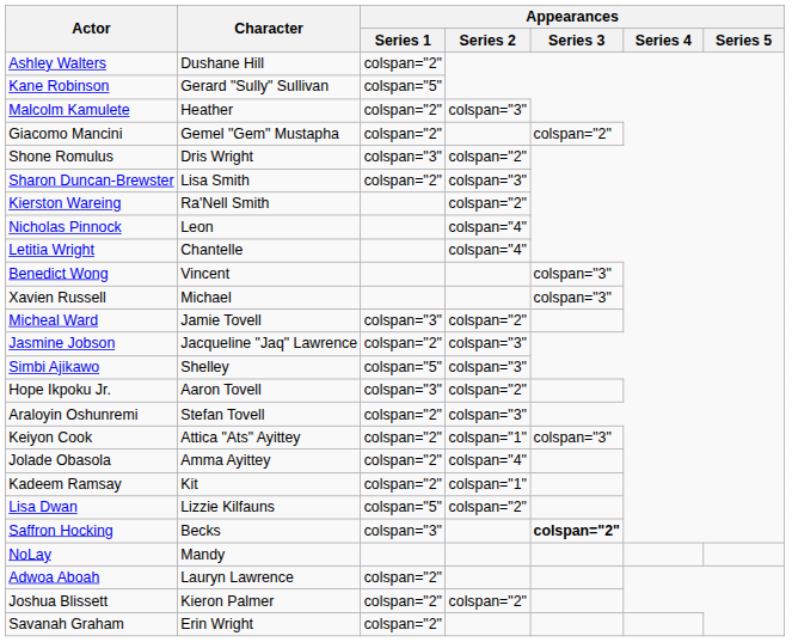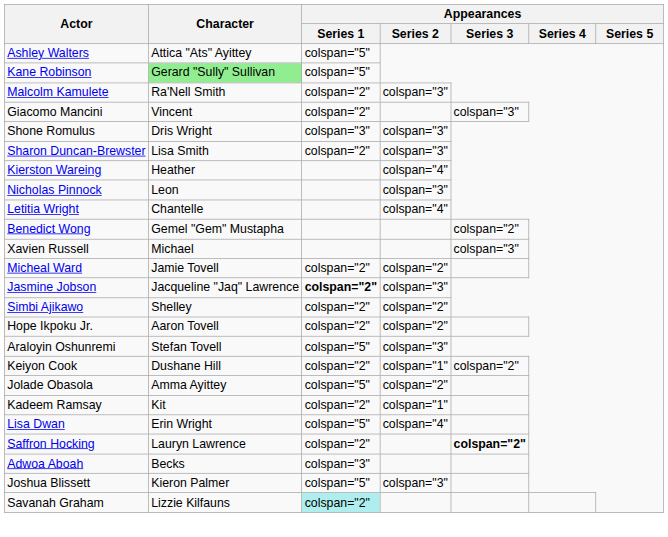 <table class="wikitable">
 <tr>
 <th rowspan="2">Actor</th>
 <th rowspan="2">Character</th>
 <th colspan="5">Appearances</th>
 </tr>
 <tr>
 <th style="width: 80px;">Series 1</th>
 <th style="width: 80px;">Series 2</th>
 <th style="width: 80px;">Series 3</th>
 <th style="width: 80px;">Series 4</th>
 <th style="width: 80px;">Series 5</th>
 </tr>
 <tr>
 <td><a href='#'>Ashley Walters</a></td>
-<td>Dushane Hill</td>
-<td>colspan="2" </td>
+<td>Attica "Ats" Ayittey</td>
+<td>colspan="5" </td>
 </tr>
 <tr>
 <td><a href='#'>Kane Robinson</a></td>
-<td>Gerard "Sully" Sullivan</td>
+<td style="background: lightgreen;">Gerard "Sully" Sullivan</td>
 <td>colspan="5" </td>
 </tr>
 <tr>
 <td><a href='#'>Malcolm Kamulete</a></td>
-<td>Heather</td>
+<td>Ra'Nell Smith</td>
 <td>colspan="2" </td>
 <td>colspan="3" </td>
 </tr>
 <tr>
 <td>Giacomo Mancini</td>
-<td>Gemel "Gem" Mustapha</td>
+<td>Vincent</td>
 <td>colspan="2" </td>
 <td></td>
-<td>colspan="2" </td>
+<td>colspan="3" </td>
 </tr>
 <tr>
 <td>Shone Romulus</td>
 <td>Dris Wright</td>
 <td>colspan="3" </td>
-<td>colspan="2" </td>
+<td>colspan="3" </td>
 </tr>
 <tr>
 <td><a href='#'>Sharon Duncan-Brewster</a></td>
 <td>Lisa Smith</td>
 <td>colspan="2" </td>
 <td>colspan="3" </td>
 </tr>
 <tr>
 <td><a href='#'>Kierston Wareing</a></td>
-<td>Ra'Nell Smith</td>
+<td>Heather</td>
 <td></td>
-<td>colspan="2" </td>
+<td>colspan="4" </td>
 </tr>
 <tr>
 <td><a href='#'>Nicholas Pinnock</a></td>
 <td>Leon</td>
 <td></td>
-<td>colspan="4" </td>
+<td>colspan="3" </td>
 </tr>
 <tr>
 <td><a href='#'>Letitia Wright</a></td>
 <td>Chantelle</td>
 <td></td>
 <td>colspan="4" </td>
 </tr>
 <tr>
 <td><a href='#'>Benedict Wong</a></td>
-<td>Vincent</td>
+<td>Gemel "Gem" Mustapha</td>
 <td></td>
 <td></td>
-<td>colspan="3" </td>
+<td>colspan="2" </td>
 </tr>
 <tr>
 <td>Xavien Russell</td>
 <td>Michael</td>
 <td></td>
 <td></td>
 <td>colspan="3" </td>
 </tr>
 <tr>
 <td><a href='#'>Micheal Ward</a></td>
 <td>Jamie Tovell</td>
-<td>colspan="3" </td>
+<td>colspan="2" </td>
 <td>colspan="2" </td>
 <td></td>
 </tr>
 <tr>
 <td><a href='#'>Jasmine Jobson</a></td>
 <td>Jacqueline "Jaq" Lawrence</td>
-<td>colspan="2" </td>
+<td><strong>colspan="2" </strong></td>
 <td>colspan="3" </td>
 </tr>
 <tr>
 <td><a href='#'>Simbi Ajikawo</a></td>
 <td>Shelley</td>
-<td>colspan="5" </td>
-<td>colspan="3" </td>
+<td>colspan="2" </td>
+<td>colspan="2" </td>
 </tr>
 <tr>
 <td>Hope Ikpoku Jr.</td>
 <td>Aaron Tovell</td>
-<td>colspan="3" </td>
+<td>colspan="2" </td>
 <td>colspan="2" </td>
 <td></td>
 </tr>
 <tr>
 <td>Araloyin Oshunremi</td>
 <td>Stefan Tovell</td>
-<td>colspan="2" </td>
+<td>colspan="5" </td>
 <td>colspan="3" </td>
 </tr>
 <tr>
 <td>Keiyon Cook</td>
-<td>Attica "Ats" Ayittey</td>
+<td>Dushane Hill</td>
 <td>colspan="2" </td>
 <td>colspan="1" </td>
-<td>colspan="3" </td>
+<td>colspan="2" </td>
 </tr>
 <tr>
 <td>Jolade Obasola</td>
 <td>Amma Ayittey</td>
+<td>colspan="5" </td>
 <td>colspan="2" </td>
-<td>colspan="4" </td>
 <td></td>
 </tr>
 <tr>
 <td>Kadeem Ramsay</td>
 <td>Kit</td>
 <td>colspan="2" </td>
 <td>colspan="1" </td>
 <td></td>
 </tr>
 <tr>
 <td><a href='#'>Lisa Dwan</a></td>
-<td>Lizzie Kilfauns</td>
+<td>Erin Wright</td>
 <td>colspan="5" </td>
-<td>colspan="2" </td>
+<td>colspan="4" </td>
 <td></td>
 </tr>
 <tr>
 <td><a href='#'>Saffron Hocking</a></td>
-<td>Becks</td>
-<td>colspan="3" </td>
+<td>Lauryn Lawrence</td>
+<td>colspan="2" </td>
 <td></td>
 <td><strong>colspan="2" </strong></td>
 </tr>
 <tr>
-<td><a href='#'>NoLay</a></td>
-<td>Mandy</td>
-<td></td>
-<td></td>
-<td></td>
-<td></td>
-<td></td>
-</tr>
-<tr>
 <td><a href='#'>Adwoa Aboah</a></td>
-<td>Lauryn Lawrence</td>
-<td>colspan="2" </td>
+<td>Becks</td>
+<td>colspan="3" </td>
 <td></td>
 <td></td>
 </tr>
 <tr>
 <td>Joshua Blissett</td>
 <td>Kieron Palmer</td>
-<td>colspan="2" </td>
-<td>colspan="2" </td>
+<td>colspan="5" </td>
+<td>colspan="3" </td>
 <td></td>
 </tr>
 <tr>
 <td>Savanah Graham</td>
-<td>Erin Wright</td>
-<td>colspan="2" </td>
+<td>Lizzie Kilfauns</td>
+<td style="background: paleturquoise;">colspan="2" </td>
 <td></td>
 <td></td>
 <td></td>
 </tr>
 </table>
